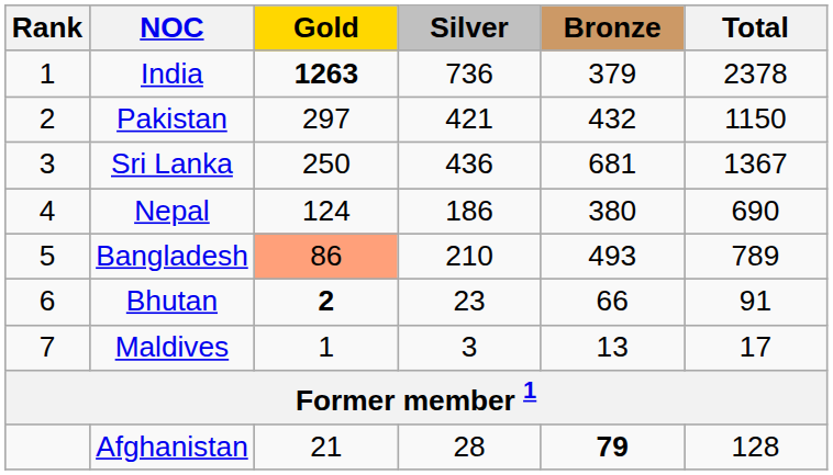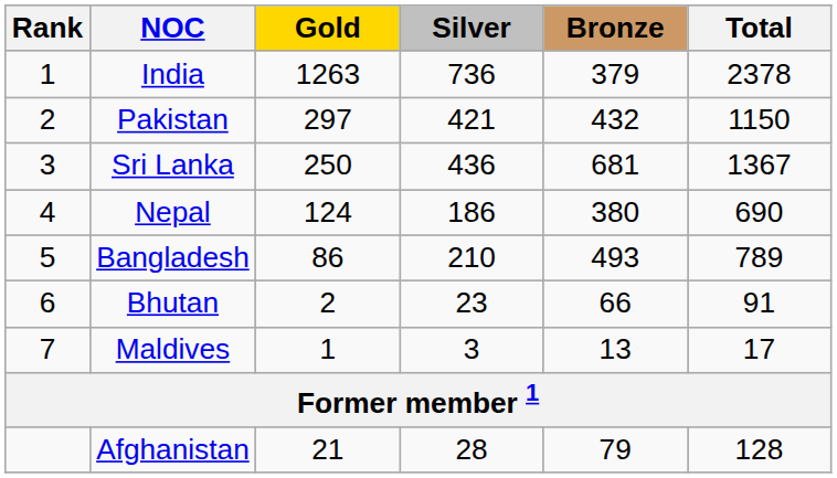 <table class="wikitable" style="text-align:center;">
 <tr>
 <th>Rank</th>
 <th><a href='#'>NOC</a></th>
 <td style="background:gold; width:4.5em; font-weight:bold;">Gold</td>
 <td style="background:silver; width:4.5em; font-weight:bold;">Silver</td>
 <td style="background:#c96; width:4.5em; font-weight:bold;">Bronze</td>
 <th style="width:4.5em;">Total</th>
 </tr>
 <tr>
 <td>1</td>
 <td> <a href='#'>India</a></td>
-<td><strong>1263</strong></td>
+<td>1263</td>
 <td>736</td>
 <td>379</td>
 <td>2378</td>
 </tr>
 <tr>
 <td>2</td>
 <td> <a href='#'>Pakistan</a></td>
 <td>297</td>
 <td>421</td>
 <td>432</td>
 <td>1150</td>
 </tr>
 <tr>
 <td>3</td>
 <td> <a href='#'>Sri Lanka</a></td>
 <td>250</td>
 <td>436</td>
 <td>681</td>
 <td>1367</td>
 </tr>
 <tr>
 <td>4</td>
 <td> <a href='#'>Nepal</a></td>
 <td>124</td>
 <td>186</td>
 <td>380</td>
 <td>690</td>
 </tr>
 <tr>
 <td>5</td>
 <td> <a href='#'>Bangladesh</a></td>
-<td style="background: lightsalmon;">86</td>
+<td>86</td>
 <td>210</td>
 <td>493</td>
 <td>789</td>
 </tr>
 <tr>
 <td>6</td>
 <td> <a href='#'>Bhutan</a></td>
-<td><strong>2</strong></td>
+<td>2</td>
 <td>23</td>
 <td>66</td>
 <td>91</td>
 </tr>
 <tr>
 <td>7</td>
 <td> <a href='#'>Maldives</a></td>
 <td>1</td>
 <td>3</td>
 <td>13</td>
 <td>17</td>
 </tr>
 <tr>
 <th colspan=7>Former member <sup><a href='#'>1</a></sup></th>
 </tr>
 <tr>
 <td></td>
 <td> <a href='#'>Afghanistan</a></td>
 <td>21</td>
 <td>28</td>
-<td><strong>79</strong></td>
+<td>79</td>
 <td>128</td>
 </tr>
 </table>
